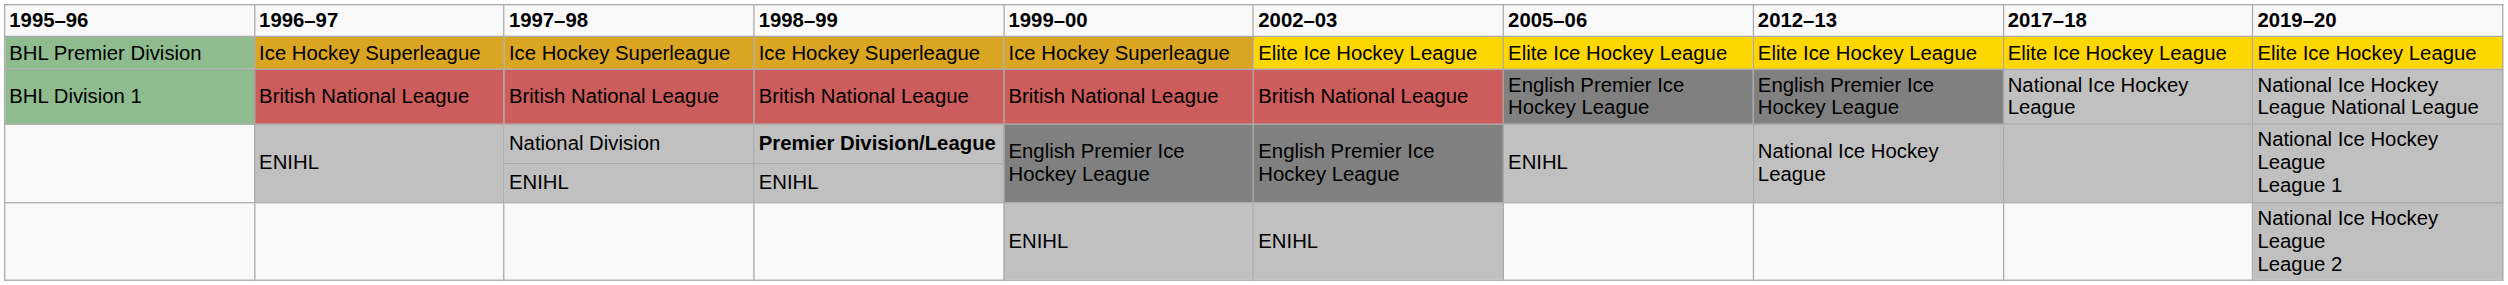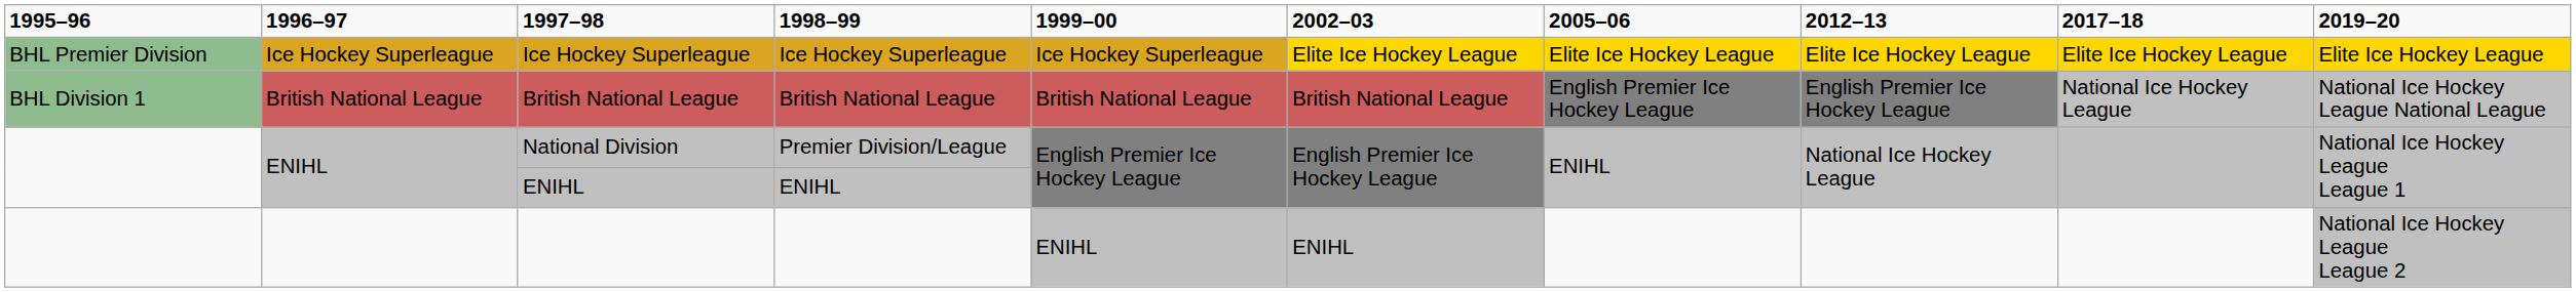 <table class="wikitable">
 <tr>
 <td style="width: 10%;"><strong>1995–96</strong></td>
 <td style="width: 10%;"><strong>1996–97</strong></td>
 <td style="width: 10%;"><strong>1997–98</strong></td>
 <td style="width: 10%;"><strong>1998–99</strong></td>
 <td style="width: 10%;"><strong>1999–00</strong></td>
 <td style="width: 10%;"><strong>2002–03</strong></td>
 <td style="width: 10%;"><strong>2005–06</strong></td>
 <td style="width: 10%;"><strong>2012–13</strong></td>
 <td style="width: 10%;"><strong>2017–18</strong></td>
 <td style="width: 10%;"><strong>2019–20</strong></td>
 </tr>
 <tr>
 <td style="background: DarkSeaGreen;">BHL Premier Division</td>
 <td style="background: GoldenRod;">Ice Hockey Superleague</td>
 <td style="background: GoldenRod;">Ice Hockey Superleague</td>
 <td style="background: GoldenRod;">Ice Hockey Superleague</td>
 <td style="background: GoldenRod;">Ice Hockey Superleague</td>
 <td style="background: Gold;">Elite Ice Hockey League</td>
 <td style="background: Gold;">Elite Ice Hockey League</td>
 <td style="background: Gold;">Elite Ice Hockey League</td>
 <td style="background: Gold;">Elite Ice Hockey League</td>
 <td style="background: Gold;">Elite Ice Hockey League</td>
 </tr>
 <tr>
 <td style="background: DarkSeaGreen;">BHL Division 1</td>
 <td style="background: IndianRed;">British National League</td>
 <td style="background: IndianRed;">British National League</td>
 <td style="background: IndianRed;">British National League</td>
 <td style="background: IndianRed;">British National League</td>
 <td style="background: IndianRed;">British National League</td>
 <td style="background: gray;">English Premier Ice Hockey League</td>
 <td style="background: gray;">English Premier Ice Hockey League</td>
 <td style="background: silver;">National Ice Hockey League</td>
 <td style="background: silver;">National Ice Hockey League National League</td>
 </tr>
 <tr>
 <td rowspan="2"></td>
 <td rowspan="2" ! style="background: silver;">ENIHL</td>
 <td style="background: silver;">National Division</td>
-<td style="background: silver;"><strong>Premier Division/League</strong></td>
+<td style="background: silver;">Premier Division/League</td>
 <td rowspan="2" ! style="background: gray;">English Premier Ice Hockey League</td>
 <td rowspan="2" ! style="background: gray;">English Premier Ice Hockey League</td>
 <td rowspan="2" ! style="background: silver;">ENIHL</td>
 <td rowspan="2" ! style="background: silver;">National Ice Hockey League</td>
 <td rowspan="2" ! style="background: silver;"></td>
 <td rowspan="2" ! style="background: silver;">National Ice Hockey League <br>League 1</td>
 </tr>
 <tr>
 <td style="background: silver;">ENIHL</td>
 <td style="background: silver;">ENIHL</td>
 </tr>
 <tr>
 <td></td>
 <td></td>
 <td></td>
 <td></td>
 <td style="background: silver;">ENIHL</td>
 <td style="background: silver;">ENIHL</td>
 <td></td>
 <td></td>
 <td></td>
 <td rowspan="2" ! style="background: silver;">National Ice Hockey League <br>League 2</td>
 </tr>
 </table>
